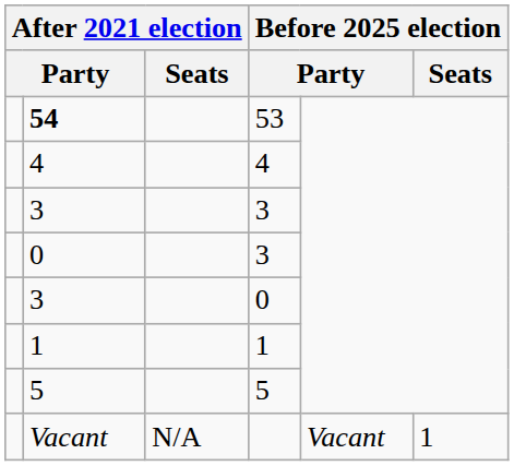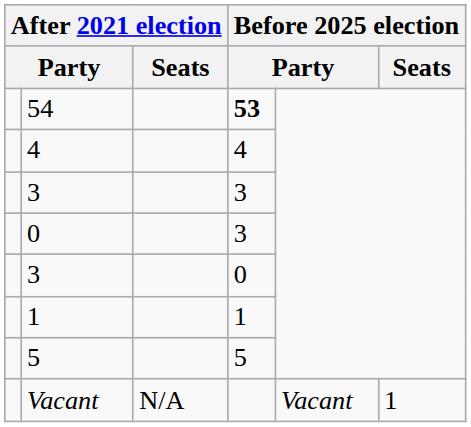 <table class="wikitable">
 <tr>
 <th colspan="3">After <a href='#'>2021 election</a></th>
 <th colspan="3">Before 2025 election</th>
 </tr>
 <tr>
 <th colspan="2">Party</th>
 <th>Seats</th>
 <th colspan="2">Party</th>
 <th>Seats</th>
 </tr>
 <tr>
 <td></td>
-<td><strong>54</strong></td>
+<td>54</td>
 <td></td>
-<td>53</td>
+<td><strong>53</strong></td>
 </tr>
 <tr>
 <td></td>
 <td>4</td>
 <td></td>
 <td>4</td>
 </tr>
 <tr>
 <td></td>
 <td>3</td>
 <td></td>
 <td>3</td>
 </tr>
 <tr>
 <td></td>
 <td>0</td>
 <td></td>
 <td>3</td>
 </tr>
 <tr>
 <td></td>
 <td>3</td>
 <td></td>
 <td>0</td>
 </tr>
 <tr>
 <td></td>
 <td>1</td>
 <td></td>
 <td>1</td>
 </tr>
 <tr>
 <td></td>
 <td>5</td>
 <td></td>
 <td>5</td>
 </tr>
 <tr>
 <td></td>
 <td><em>Vacant</em></td>
 <td>N/A</td>
 <td></td>
 <td><em>Vacant</em></td>
 <td>1</td>
 </tr>
 </table>
